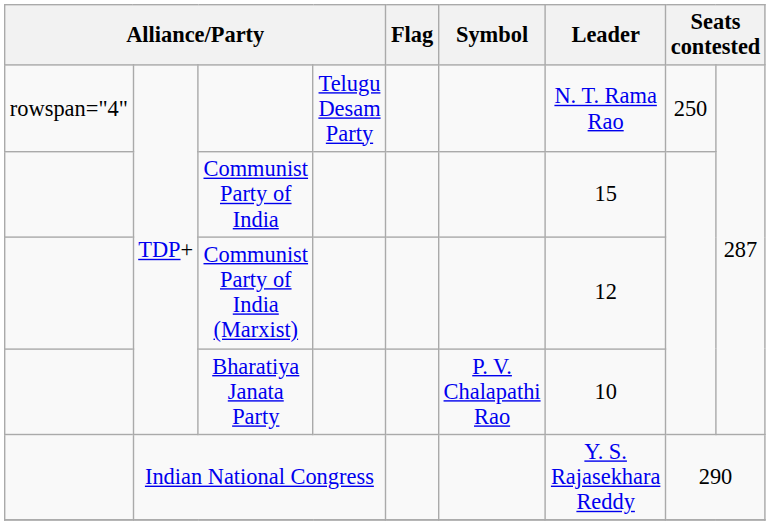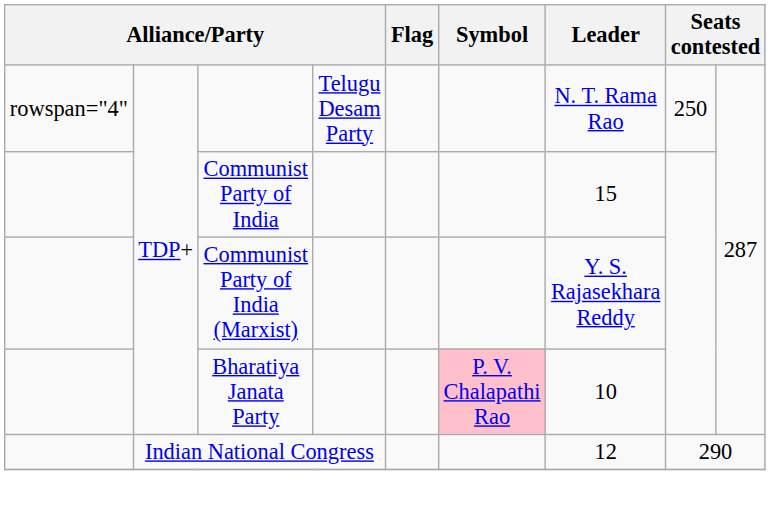 <table class="wikitable sortable" width="50%" style="text-align:center;">
 <tr>
 <th colspan="4">Alliance/Party</th>
 <th>Flag</th>
 <th>Symbol</th>
 <th>Leader</th>
 <th colspan="2">Seats contested</th>
 </tr>
 <tr>
 <td>rowspan="4" </td>
 <td rowspan="4"><a href='#'>TDP</a>+</td>
 <td style="text-align:center; background:"></td>
 <td><a href='#'>Telugu Desam Party</a></td>
 <td></td>
 <td></td>
 <td><a href='#'>N. T. Rama Rao</a></td>
 <td>250</td>
 <td rowspan="4">287</td>
 </tr>
 <tr>
 <td style="text-align:center; background:"></td>
 <td><a href='#'>Communist Party of India</a></td>
 <td></td>
 <td></td>
 <td></td>
 <td>15</td>
 </tr>
 <tr>
 <td style="text-align:center; background:"></td>
 <td><a href='#'>Communist Party of India (Marxist)</a></td>
 <td></td>
 <td></td>
 <td></td>
-<td>12</td>
+<td><a href='#'>Y. S. Rajasekhara Reddy</a></td>
 </tr>
 <tr>
 <td style="text-align:center; background:"></td>
 <td><a href='#'>Bharatiya Janata Party</a></td>
 <td></td>
 <td></td>
-<td><a href='#'>P. V. Chalapathi Rao</a></td>
+<td style="background: pink;"><a href='#'>P. V. Chalapathi Rao</a></td>
 <td>10</td>
 </tr>
 <tr>
 <td style="text-align:center; background:"></td>
 <td colspan="3"><a href='#'>Indian National Congress</a></td>
 <td></td>
 <td></td>
-<td><a href='#'>Y. S. Rajasekhara Reddy</a></td>
+<td>12</td>
 <td colspan=2>290</td>
 </tr>
 <tr>
 </tr>
 </table>
